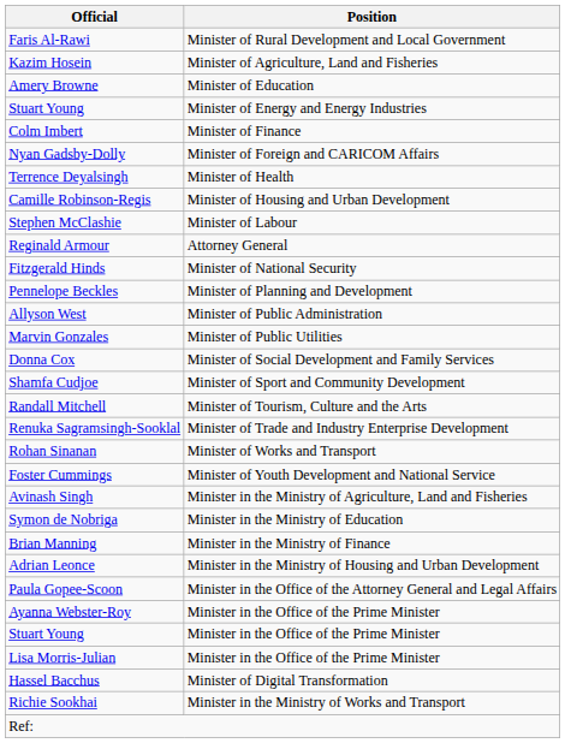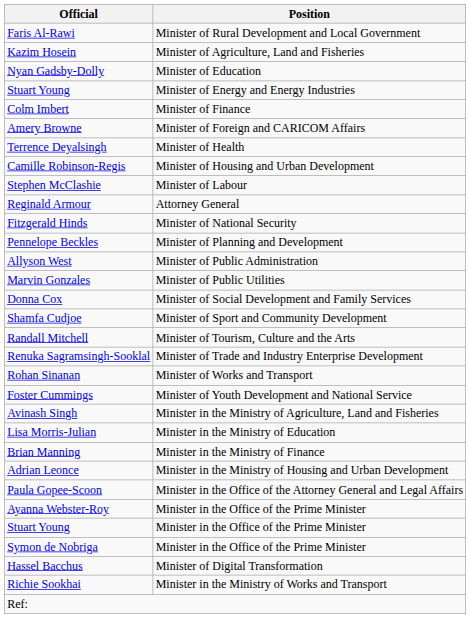 <table class="wikitable">
 <tr>
 <th>Official</th>
 <th>Position</th>
 </tr>
 <tr>
 <td><a href='#'>Faris Al-Rawi</a></td>
 <td>Minister of Rural Development and Local Government</td>
 </tr>
 <tr>
 <td><a href='#'>Kazim Hosein</a></td>
 <td>Minister of Agriculture, Land and Fisheries</td>
 </tr>
 <tr>
-<td><a href='#'>Amery Browne</a></td>
+<td><a href='#'>Nyan Gadsby-Dolly</a></td>
 <td>Minister of Education</td>
 </tr>
 <tr>
 <td><a href='#'>Stuart Young</a></td>
 <td>Minister of Energy and Energy Industries</td>
 </tr>
 <tr>
 <td><a href='#'>Colm Imbert</a></td>
 <td>Minister of Finance</td>
 </tr>
 <tr>
-<td><a href='#'>Nyan Gadsby-Dolly</a></td>
+<td><a href='#'>Amery Browne</a></td>
 <td>Minister of Foreign and CARICOM Affairs</td>
 </tr>
 <tr>
 <td><a href='#'>Terrence Deyalsingh</a></td>
 <td>Minister of Health</td>
 </tr>
 <tr>
 <td><a href='#'>Camille Robinson-Regis</a></td>
 <td>Minister of Housing and Urban Development</td>
 </tr>
 <tr>
 <td><a href='#'>Stephen McClashie</a></td>
 <td>Minister of Labour</td>
 </tr>
 <tr>
 <td><a href='#'>Reginald Armour</a></td>
 <td>Attorney General</td>
 </tr>
 <tr>
 <td><a href='#'>Fitzgerald Hinds</a></td>
 <td>Minister of National Security</td>
 </tr>
 <tr>
 <td><a href='#'>Pennelope Beckles</a></td>
 <td>Minister of Planning and Development</td>
 </tr>
 <tr>
 <td><a href='#'>Allyson West</a></td>
 <td>Minister of Public Administration</td>
 </tr>
 <tr>
 <td><a href='#'>Marvin Gonzales</a></td>
 <td>Minister of Public Utilities</td>
 </tr>
 <tr>
 <td><a href='#'>Donna Cox</a></td>
 <td>Minister of Social Development and Family Services</td>
 </tr>
 <tr>
 <td><a href='#'>Shamfa Cudjoe</a></td>
 <td>Minister of Sport and Community Development</td>
 </tr>
 <tr>
 <td><a href='#'>Randall Mitchell</a></td>
 <td>Minister of Tourism, Culture and the Arts</td>
 </tr>
 <tr>
 <td><a href='#'>Renuka Sagramsingh-Sooklal</a></td>
 <td>Minister of Trade and Industry Enterprise Development</td>
 </tr>
 <tr>
 <td><a href='#'>Rohan Sinanan</a></td>
 <td>Minister of Works and Transport</td>
 </tr>
 <tr>
 <td><a href='#'>Foster Cummings</a></td>
 <td>Minister of Youth Development and National Service</td>
 </tr>
 <tr>
 <td><a href='#'>Avinash Singh</a></td>
 <td>Minister in the Ministry of Agriculture, Land and Fisheries</td>
 </tr>
 <tr>
-<td><a href='#'>Symon de Nobriga</a></td>
+<td><a href='#'>Lisa Morris-Julian</a></td>
 <td>Minister in the Ministry of Education</td>
 </tr>
 <tr>
 <td><a href='#'>Brian Manning</a></td>
 <td>Minister in the Ministry of Finance</td>
 </tr>
 <tr>
 <td><a href='#'>Adrian Leonce</a></td>
 <td>Minister in the Ministry of Housing and Urban Development</td>
 </tr>
 <tr>
 <td><a href='#'>Paula Gopee-Scoon</a></td>
 <td>Minister in the Office of the Attorney General and Legal Affairs</td>
 </tr>
 <tr>
 <td><a href='#'>Ayanna Webster-Roy</a></td>
 <td>Minister in the Office of the Prime Minister</td>
 </tr>
 <tr>
 <td><a href='#'>Stuart Young</a></td>
 <td>Minister in the Office of the Prime Minister</td>
 </tr>
 <tr>
-<td><a href='#'>Lisa Morris-Julian</a></td>
+<td><a href='#'>Symon de Nobriga</a></td>
 <td>Minister in the Office of the Prime Minister</td>
 </tr>
 <tr>
 <td><a href='#'>Hassel Bacchus</a></td>
 <td>Minister of Digital Transformation</td>
 </tr>
 <tr>
 <td><a href='#'>Richie Sookhai</a></td>
 <td>Minister in the Ministry of Works and Transport</td>
 </tr>
 <tr>
 <td colspan="2">Ref:</td>
 </tr>
 </table>
